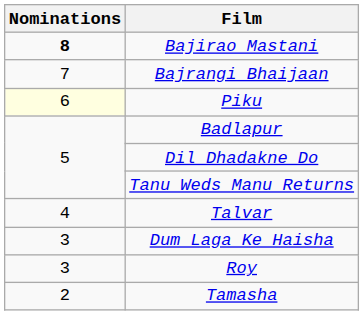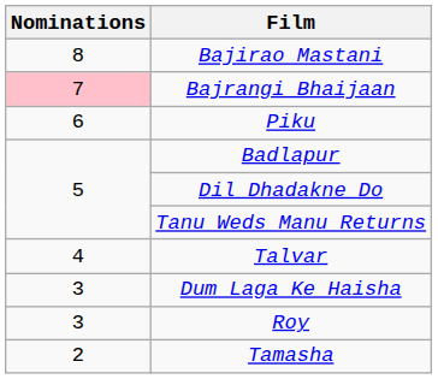 <table class="wikitable plainrowheaders" style="text-align:center;">
 <tr>
 <th scope="col" style="width:55px;">Nominations</th>
 <th scope="col" style="text-align:center;">Film</th>
 </tr>
 <tr>
-<td scope="row" style="text-align:center"><strong>8</strong></td>
+<td scope="row" style="text-align:center">8</td>
 <td><em><a href='#'>Bajirao Mastani</a></em></td>
 </tr>
 <tr>
-<td scope="row" style="text-align:center">7</td>
+<td scope="row" style="background: pink; text-align:center">7</td>
 <td><em><a href='#'>Bajrangi Bhaijaan</a></em></td>
 </tr>
 <tr>
-<td style="background: lightyellow;">6</td>
+<td>6</td>
 <td><em><a href='#'>Piku</a></em></td>
 </tr>
 <tr>
 <td rowspan="3">5</td>
 <td><a href='#'><em>Badlapur</em></a></td>
 </tr>
 <tr>
 <td><em><a href='#'>Dil Dhadakne Do</a></em></td>
 </tr>
 <tr>
 <td><em><a href='#'>Tanu Weds Manu Returns</a></em></td>
 </tr>
 <tr>
 <td>4</td>
 <td><a href='#'><em>Talvar</em></a></td>
 </tr>
 <tr>
 <td>3</td>
 <td><em><a href='#'>Dum Laga Ke Haisha</a></em></td>
 </tr>
 <tr>
 <td>3</td>
 <td><a href='#'><em>Roy</em></a></td>
 </tr>
 <tr>
 <td>2</td>
 <td><a href='#'><em>Tamasha</em></a></td>
 </tr>
 </table>
